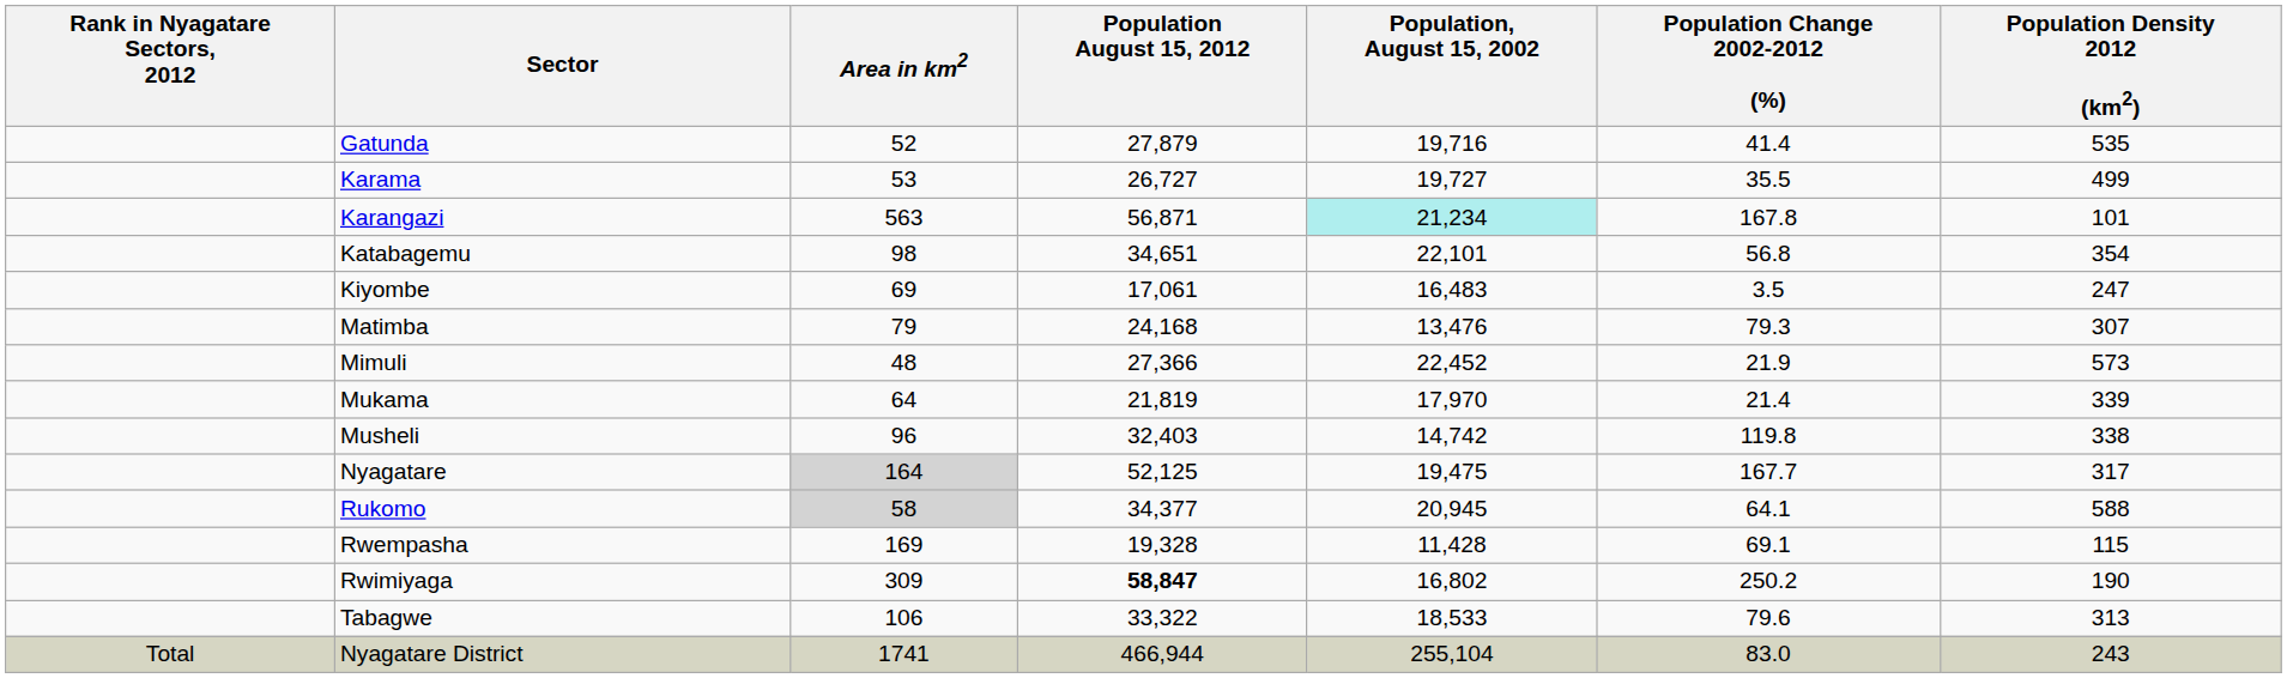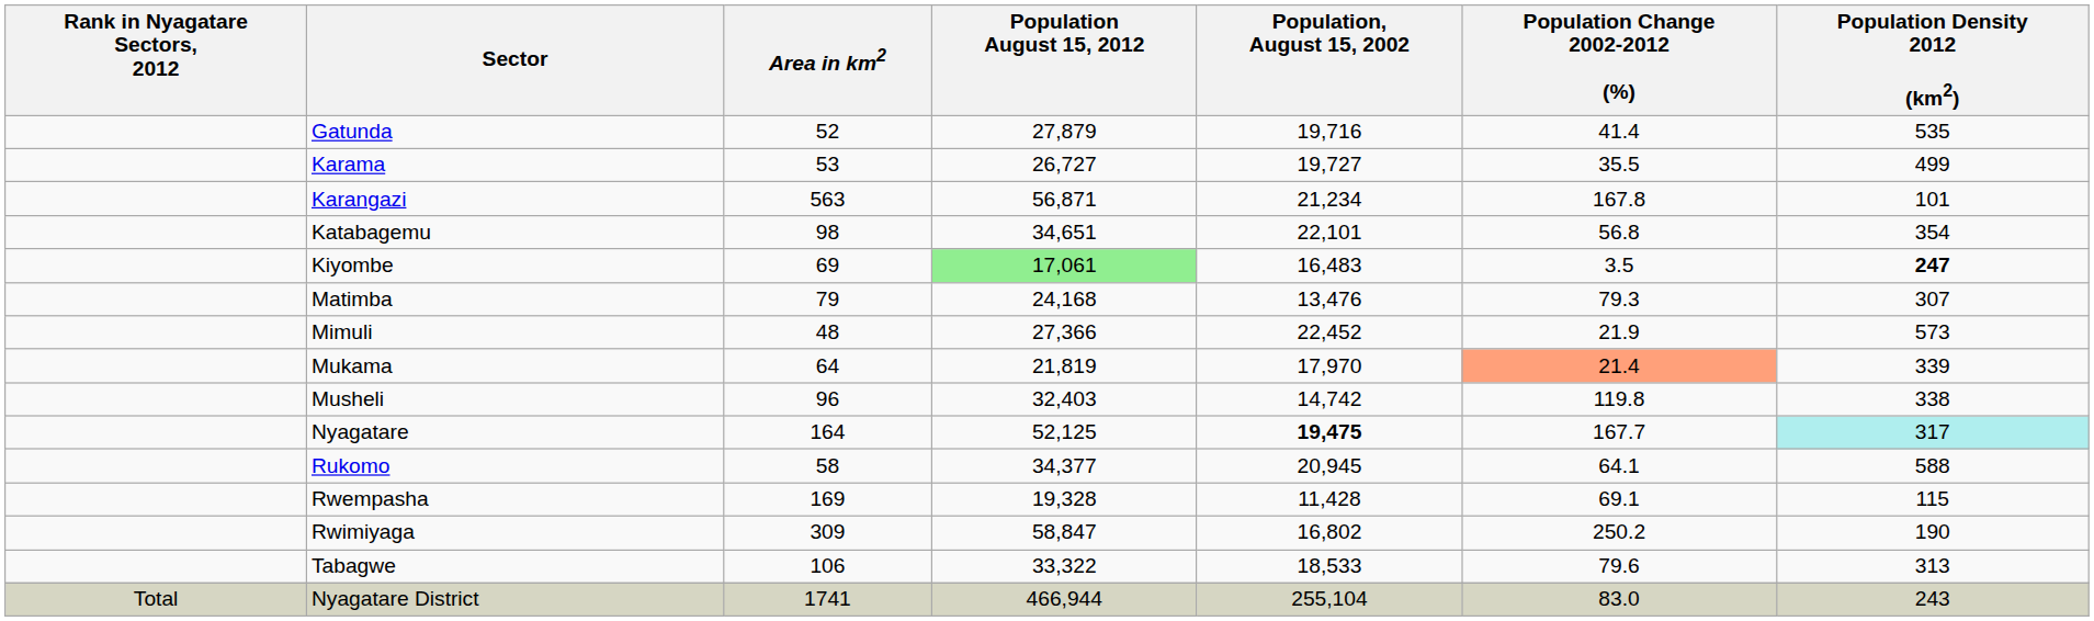 <table class="wikitable sortable"  style="width:100%; text-align:center;">
 <tr valign="top">
 <th>Rank in Nyagatare<br> Sectors,<br>2012</th>
 <th style="width:20%; vertical-align:middle;"><strong>Sector</strong><br></th>
 <th style="width:10%; vertical-align:middle;"><em>Area in km<sup>2</sup></em><br></th>
 <th valign="top">Population <br> August 15, 2012<br></th>
 <th valign="top">Population,<br> August 15, 2002<br></th>
 <th valign="top">Population Change <br> 2002-2012<br> <br>(%)<br></th>
 <th valign="top">Population Density <br> 2012<br> <br>(km<sup>2</sup>)</th>
 </tr>
 <tr>
 <td></td>
 <td align = left><a href='#'>Gatunda</a></td>
 <td>52</td>
 <td>27,879</td>
 <td>19,716</td>
 <td>41.4</td>
 <td>535</td>
 </tr>
 <tr>
 <td></td>
 <td align = left><a href='#'>Karama</a></td>
 <td>53</td>
 <td>26,727</td>
 <td>19,727</td>
 <td>35.5</td>
 <td>499</td>
 </tr>
 <tr>
 <td></td>
 <td align = left><a href='#'>Karangazi</a></td>
 <td>563</td>
 <td>56,871</td>
-<td style="background: paleturquoise;">21,234</td>
+<td>21,234</td>
 <td>167.8</td>
 <td>101</td>
 </tr>
 <tr>
 <td></td>
 <td align = left>Katabagemu</td>
 <td>98</td>
 <td>34,651</td>
 <td>22,101</td>
 <td>56.8</td>
 <td>354</td>
 </tr>
 <tr>
 <td></td>
 <td align = left>Kiyombe</td>
 <td>69</td>
-<td>17,061</td>
+<td style="background: lightgreen;">17,061</td>
 <td>16,483</td>
 <td>3.5</td>
-<td>247</td>
+<td><strong>247</strong></td>
 </tr>
 <tr>
 <td></td>
 <td align = left>Matimba</td>
 <td>79</td>
 <td>24,168</td>
 <td>13,476</td>
 <td>79.3</td>
 <td>307</td>
 </tr>
 <tr>
 <td></td>
 <td align = left>Mimuli</td>
 <td>48</td>
 <td>27,366</td>
 <td>22,452</td>
 <td>21.9</td>
 <td>573</td>
 </tr>
 <tr>
 <td></td>
 <td align = left>Mukama</td>
 <td>64</td>
 <td>21,819</td>
 <td>17,970</td>
-<td>21.4</td>
+<td style="background: lightsalmon;">21.4</td>
 <td>339</td>
 </tr>
 <tr>
 <td></td>
 <td align = left>Musheli</td>
 <td>96</td>
 <td>32,403</td>
 <td>14,742</td>
 <td>119.8</td>
 <td>338</td>
 </tr>
 <tr>
 <td></td>
 <td align = left>Nyagatare</td>
-<td style="background: lightgrey;">164</td>
+<td>164</td>
 <td>52,125</td>
-<td>19,475</td>
+<td><strong>19,475</strong></td>
 <td>167.7</td>
-<td>317</td>
+<td style="background: paleturquoise;">317</td>
 </tr>
 <tr>
 <td></td>
 <td align = left><a href='#'>Rukomo</a></td>
-<td style="background: lightgrey;">58</td>
+<td>58</td>
 <td>34,377</td>
 <td>20,945</td>
 <td>64.1</td>
 <td>588</td>
 </tr>
 <tr>
 <td></td>
 <td align = left>Rwempasha</td>
 <td>169</td>
 <td>19,328</td>
 <td>11,428</td>
 <td>69.1</td>
 <td>115</td>
 </tr>
 <tr>
 <td></td>
 <td align = left>Rwimiyaga</td>
 <td>309</td>
-<td><strong>58,847</strong></td>
+<td>58,847</td>
 <td>16,802</td>
 <td>250.2</td>
 <td>190</td>
 </tr>
 <tr>
 <td></td>
 <td align = left>Tabagwe</td>
 <td>106</td>
 <td>33,322</td>
 <td>18,533</td>
 <td>79.6</td>
 <td>313</td>
 </tr>
 <tr>
 </tr>
 <tr class="sortbottom" style="background:#d6d6c3;">
 <td>Total</td>
 <td align = left>Nyagatare District</td>
 <td>1741</td>
 <td>466,944</td>
 <td>255,104</td>
 <td>83.0</td>
 <td>243</td>
 </tr>
 </table>
